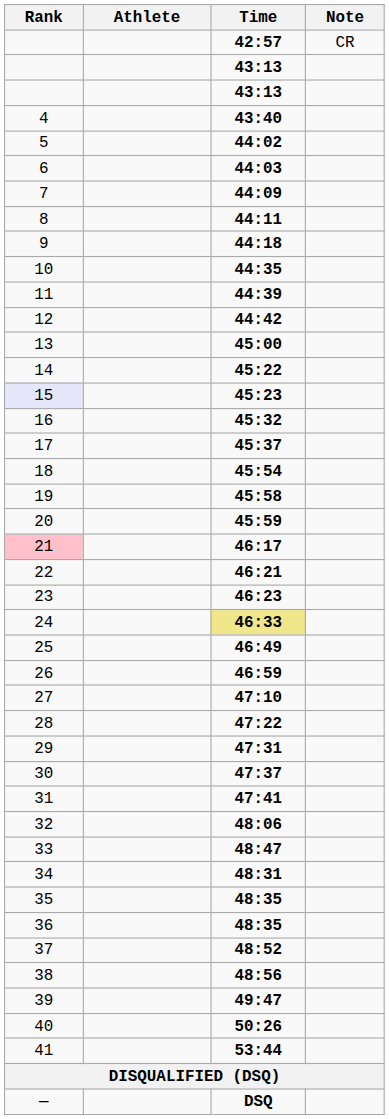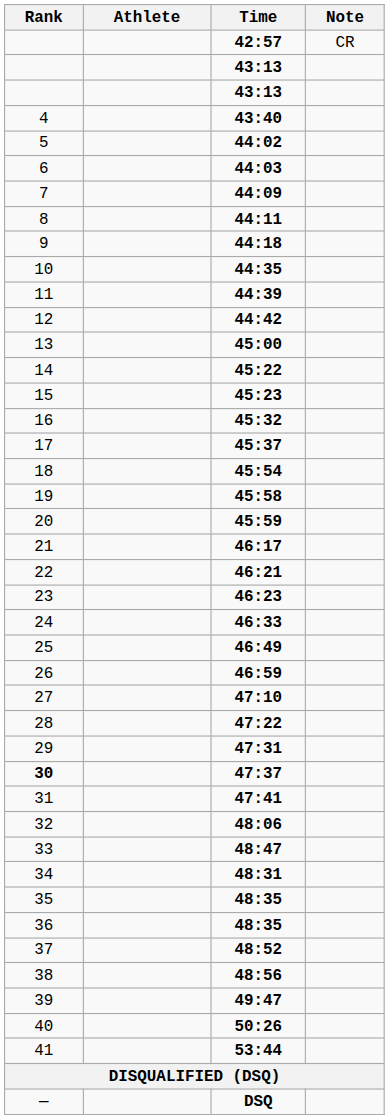 <table class="wikitable" style=" text-align:center; font-size:110%;" width="55%">
 <tr>
 <th>Rank</th>
 <th>Athlete</th>
 <th>Time</th>
 <th>Note</th>
 </tr>
 <tr>
 <td></td>
 <td align=left></td>
 <td><strong>42:57</strong></td>
 <td>CR</td>
 </tr>
 <tr>
 <td></td>
 <td align=left></td>
 <td><strong>43:13</strong></td>
 <td></td>
 </tr>
 <tr>
 <td></td>
 <td align=left></td>
 <td><strong>43:13</strong></td>
 <td></td>
 </tr>
 <tr>
 <td>4</td>
 <td align=left></td>
 <td><strong>43:40</strong></td>
 <td></td>
 </tr>
 <tr>
 <td>5</td>
 <td align=left></td>
 <td><strong>44:02</strong></td>
 <td></td>
 </tr>
 <tr>
 <td>6</td>
 <td align=left></td>
 <td><strong>44:03</strong></td>
 <td></td>
 </tr>
 <tr>
 <td>7</td>
 <td align=left></td>
 <td><strong>44:09</strong></td>
 <td></td>
 </tr>
 <tr>
 <td>8</td>
 <td align=left></td>
 <td><strong>44:11</strong></td>
 <td></td>
 </tr>
 <tr>
 <td>9</td>
 <td align=left></td>
 <td><strong>44:18</strong></td>
 <td></td>
 </tr>
 <tr>
 <td>10</td>
 <td align=left></td>
 <td><strong>44:35</strong></td>
 <td></td>
 </tr>
 <tr>
 <td>11</td>
 <td align=left></td>
 <td><strong>44:39</strong></td>
 <td></td>
 </tr>
 <tr>
 <td>12</td>
 <td align=left></td>
 <td><strong>44:42</strong></td>
 <td></td>
 </tr>
 <tr>
 <td>13</td>
 <td align=left></td>
 <td><strong>45:00</strong></td>
 <td></td>
 </tr>
 <tr>
 <td>14</td>
 <td align=left></td>
 <td><strong>45:22</strong></td>
 <td></td>
 </tr>
 <tr>
-<td style="background: lavender;">15</td>
+<td>15</td>
 <td align=left></td>
 <td><strong>45:23</strong></td>
 <td></td>
 </tr>
 <tr>
 <td>16</td>
 <td align=left></td>
 <td><strong>45:32</strong></td>
 <td></td>
 </tr>
 <tr>
 <td>17</td>
 <td align=left></td>
 <td><strong>45:37</strong></td>
 <td></td>
 </tr>
 <tr>
 <td>18</td>
 <td align=left></td>
 <td><strong>45:54</strong></td>
 <td></td>
 </tr>
 <tr>
 <td>19</td>
 <td align=left></td>
 <td><strong>45:58</strong></td>
 <td></td>
 </tr>
 <tr>
 <td>20</td>
 <td align=left></td>
 <td><strong>45:59</strong></td>
 <td></td>
 </tr>
 <tr>
-<td style="background: pink;">21</td>
+<td>21</td>
 <td align=left></td>
 <td><strong>46:17</strong></td>
 <td></td>
 </tr>
 <tr>
 <td>22</td>
 <td align=left></td>
 <td><strong>46:21</strong></td>
 <td></td>
 </tr>
 <tr>
 <td>23</td>
 <td align=left></td>
 <td><strong>46:23</strong></td>
 <td></td>
 </tr>
 <tr>
 <td>24</td>
 <td align=left></td>
-<td style="background: khaki;"><strong>46:33</strong></td>
+<td><strong>46:33</strong></td>
 <td></td>
 </tr>
 <tr>
 <td>25</td>
 <td align=left></td>
 <td><strong>46:49</strong></td>
 <td></td>
 </tr>
 <tr>
 <td>26</td>
 <td align=left></td>
 <td><strong>46:59</strong></td>
 <td></td>
 </tr>
 <tr>
 <td>27</td>
 <td align=left></td>
 <td><strong>47:10</strong></td>
 <td></td>
 </tr>
 <tr>
 <td>28</td>
 <td align=left></td>
 <td><strong>47:22</strong></td>
 <td></td>
 </tr>
 <tr>
 <td>29</td>
 <td align=left></td>
 <td><strong>47:31</strong></td>
 <td></td>
 </tr>
 <tr>
-<td>30</td>
+<td><strong>30</strong></td>
 <td align=left></td>
 <td><strong>47:37</strong></td>
 <td></td>
 </tr>
 <tr>
 <td>31</td>
 <td align=left></td>
 <td><strong>47:41</strong></td>
 <td></td>
 </tr>
 <tr>
 <td>32</td>
 <td align=left></td>
 <td><strong>48:06</strong></td>
 <td></td>
 </tr>
 <tr>
 <td>33</td>
 <td align=left></td>
 <td><strong>48:47</strong></td>
 <td></td>
 </tr>
 <tr>
 <td>34</td>
 <td align=left></td>
 <td><strong>48:31</strong></td>
 <td></td>
 </tr>
 <tr>
 <td>35</td>
 <td align=left></td>
 <td><strong>48:35</strong></td>
 <td></td>
 </tr>
 <tr>
 <td>36</td>
 <td align=left></td>
 <td><strong>48:35</strong></td>
 <td></td>
 </tr>
 <tr>
 <td>37</td>
 <td align=left></td>
 <td><strong>48:52</strong></td>
 <td></td>
 </tr>
 <tr>
 <td>38</td>
 <td align=left></td>
 <td><strong>48:56</strong></td>
 <td></td>
 </tr>
 <tr>
 <td>39</td>
 <td align=left></td>
 <td><strong>49:47</strong></td>
 <td></td>
 </tr>
 <tr>
 <td>40</td>
 <td align=left></td>
 <td><strong>50:26</strong></td>
 <td></td>
 </tr>
 <tr>
 <td>41</td>
 <td align=left></td>
 <td><strong>53:44</strong></td>
 <td></td>
 </tr>
 <tr>
 <th colspan="4">DISQUALIFIED (DSQ)</th>
 </tr>
 <tr>
 <td>—</td>
 <td align=left></td>
 <td><strong>DSQ</strong></td>
 <td></td>
 </tr>
 </table>
